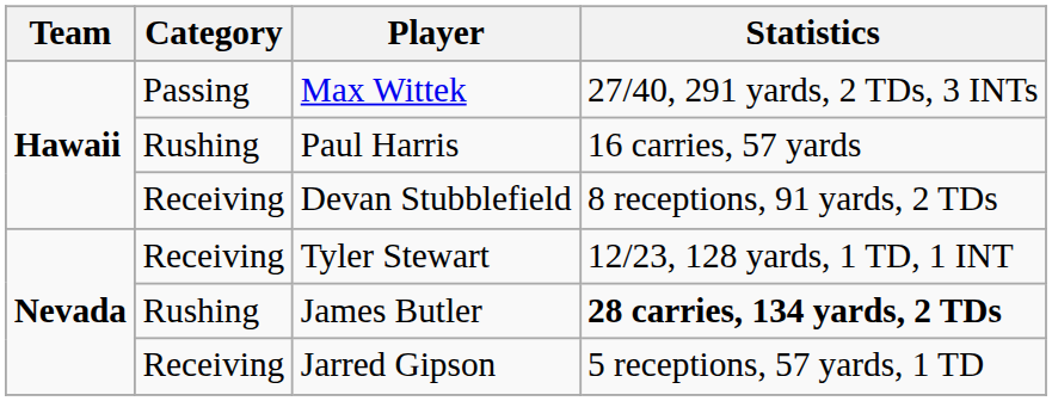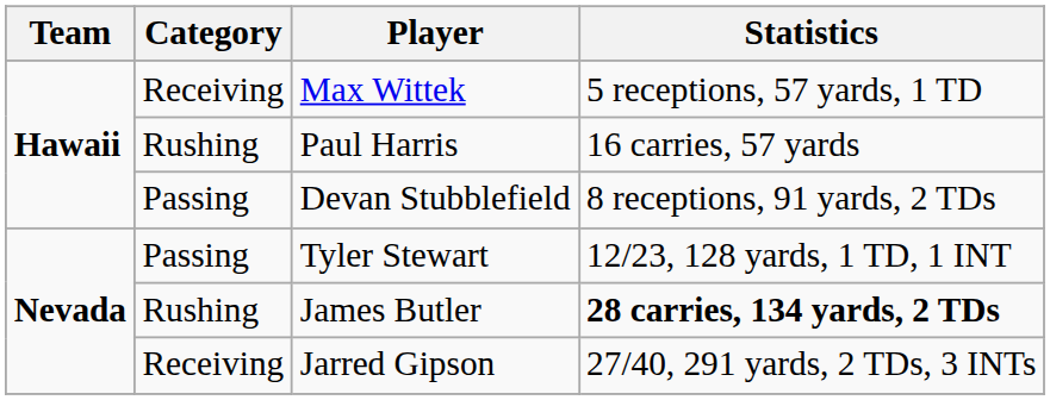 <table class="wikitable" style="float: left;">
 <tr>
 <th>Team</th>
 <th>Category</th>
 <th>Player</th>
 <th>Statistics</th>
 </tr>
 <tr>
 <td rowspan=3><strong>Hawaii</strong></td>
-<td>Passing</td>
+<td>Receiving</td>
 <td><a href='#'>Max Wittek</a></td>
-<td>27/40, 291 yards, 2 TDs, 3 INTs</td>
+<td>5 receptions, 57 yards, 1 TD</td>
 </tr>
 <tr>
 <td>Rushing</td>
 <td>Paul Harris</td>
 <td>16 carries, 57 yards</td>
 </tr>
 <tr>
-<td>Receiving</td>
+<td>Passing</td>
 <td>Devan Stubblefield</td>
 <td>8 receptions, 91 yards, 2 TDs</td>
 </tr>
 <tr>
 <td rowspan=3><strong>Nevada</strong></td>
-<td>Receiving</td>
+<td>Passing</td>
 <td>Tyler Stewart</td>
 <td>12/23, 128 yards, 1 TD, 1 INT</td>
 </tr>
 <tr>
 <td>Rushing</td>
 <td>James Butler</td>
 <td><strong>28 carries, 134 yards, 2 TDs</strong></td>
 </tr>
 <tr>
 <td>Receiving</td>
 <td>Jarred Gipson</td>
-<td>5 receptions, 57 yards, 1 TD</td>
+<td>27/40, 291 yards, 2 TDs, 3 INTs</td>
 </tr>
 </table>
